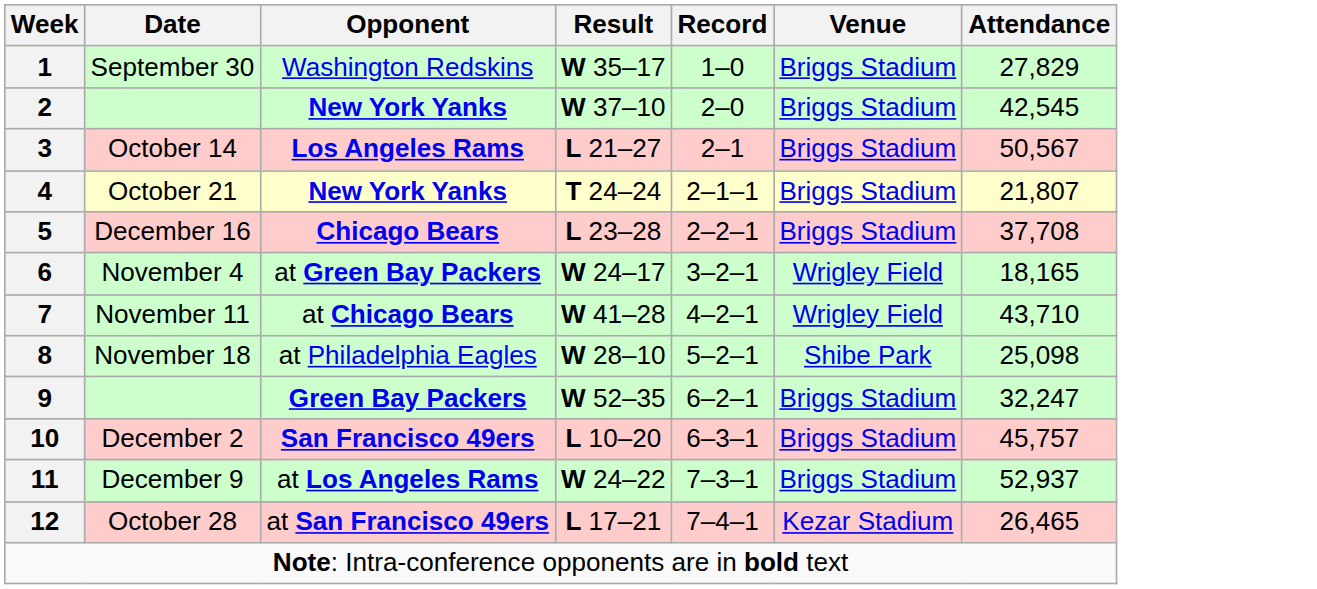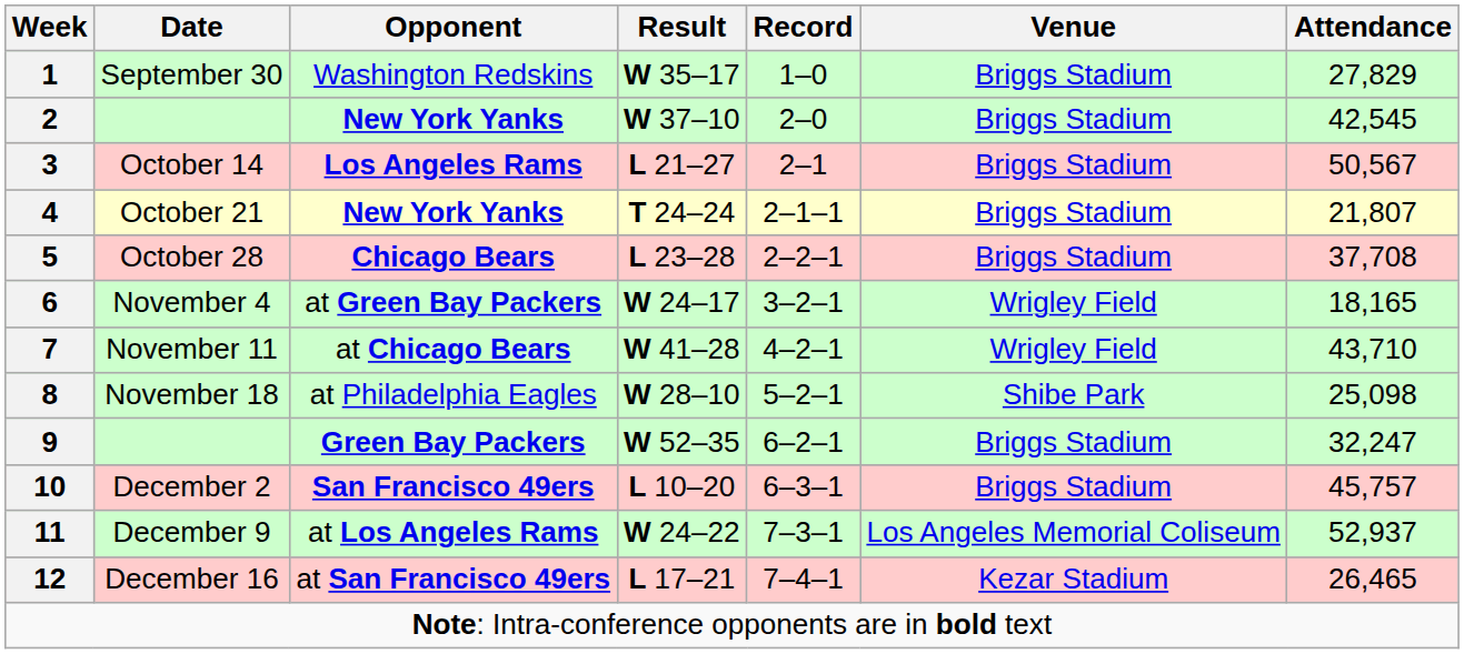 <table class="wikitable" style="text-align:center;">
 <tr>
 <th>Week</th>
 <th>Date</th>
 <th>Opponent</th>
 <th>Result</th>
 <th>Record</th>
 <th>Venue</th>
 <th>Attendance</th>
 </tr>
 <tr style="background:#cfc">
 <th>1</th>
 <td>September 30</td>
 <td><a href='#'>Washington Redskins</a></td>
 <td><strong>W</strong> 35–17</td>
 <td>1–0</td>
 <td><a href='#'>Briggs Stadium</a></td>
 <td>27,829</td>
 </tr>
 <tr style="background:#cfc">
 <th>2</th>
 <td></td>
 <td><strong><a href='#'>New York Yanks</a></strong></td>
 <td><strong>W</strong> 37–10</td>
 <td>2–0</td>
 <td><a href='#'>Briggs Stadium</a></td>
 <td>42,545</td>
 </tr>
 <tr style="background:#fcc">
 <th>3</th>
 <td>October 14</td>
 <td><strong><a href='#'>Los Angeles Rams</a></strong></td>
 <td><strong>L</strong> 21–27</td>
 <td>2–1</td>
 <td><a href='#'>Briggs Stadium</a></td>
 <td>50,567</td>
 </tr>
 <tr style="background:#ffc">
 <th>4</th>
 <td>October 21</td>
 <td><strong><a href='#'>New York Yanks</a></strong></td>
 <td><strong>T</strong> 24–24</td>
 <td>2–1–1</td>
 <td><a href='#'>Briggs Stadium</a></td>
 <td>21,807</td>
 </tr>
 <tr style="background:#fcc">
 <th>5</th>
-<td>December 16</td>
+<td>October 28</td>
 <td><strong><a href='#'>Chicago Bears</a></strong></td>
 <td><strong>L</strong> 23–28</td>
 <td>2–2–1</td>
 <td><a href='#'>Briggs Stadium</a></td>
 <td>37,708</td>
 </tr>
 <tr style="background:#cfc">
 <th>6</th>
 <td>November 4</td>
 <td>at <strong><a href='#'>Green Bay Packers</a></strong></td>
 <td><strong>W</strong> 24–17</td>
 <td>3–2–1</td>
 <td><a href='#'>Wrigley Field</a></td>
 <td>18,165</td>
 </tr>
 <tr style="background:#cfc">
 <th>7</th>
 <td>November 11</td>
 <td>at <strong><a href='#'>Chicago Bears</a></strong></td>
 <td><strong>W</strong> 41–28</td>
 <td>4–2–1</td>
 <td><a href='#'>Wrigley Field</a></td>
 <td>43,710</td>
 </tr>
 <tr style="background:#cfc">
 <th>8</th>
 <td>November 18</td>
 <td>at <a href='#'>Philadelphia Eagles</a></td>
 <td><strong>W</strong> 28–10</td>
 <td>5–2–1</td>
 <td><a href='#'>Shibe Park</a></td>
 <td>25,098</td>
 </tr>
 <tr style="background:#cfc">
 <th>9</th>
 <td></td>
 <td><strong><a href='#'>Green Bay Packers</a></strong></td>
 <td><strong>W</strong> 52–35</td>
 <td>6–2–1</td>
 <td><a href='#'>Briggs Stadium</a></td>
 <td>32,247</td>
 </tr>
 <tr style="background:#fcc">
 <th>10</th>
 <td>December 2</td>
 <td><strong><a href='#'>San Francisco 49ers</a></strong></td>
 <td><strong>L</strong> 10–20</td>
 <td>6–3–1</td>
 <td><a href='#'>Briggs Stadium</a></td>
 <td>45,757</td>
 </tr>
 <tr style="background:#cfc">
 <th>11</th>
 <td>December 9</td>
 <td>at <strong><a href='#'>Los Angeles Rams</a></strong></td>
 <td><strong>W</strong> 24–22</td>
 <td>7–3–1</td>
-<td><a href='#'>Briggs Stadium</a></td>
+<td><a href='#'>Los Angeles Memorial Coliseum</a></td>
 <td>52,937</td>
 </tr>
 <tr style="background:#fcc">
 <th>12</th>
-<td>October 28</td>
+<td>December 16</td>
 <td>at <strong><a href='#'>San Francisco 49ers</a></strong></td>
 <td><strong>L</strong> 17–21</td>
 <td>7–4–1</td>
 <td><a href='#'>Kezar Stadium</a></td>
 <td>26,465</td>
 </tr>
 <tr>
 <td colspan="7"><strong>Note</strong>: Intra-conference opponents are in <strong>bold</strong> text</td>
 </tr>
 </table>
